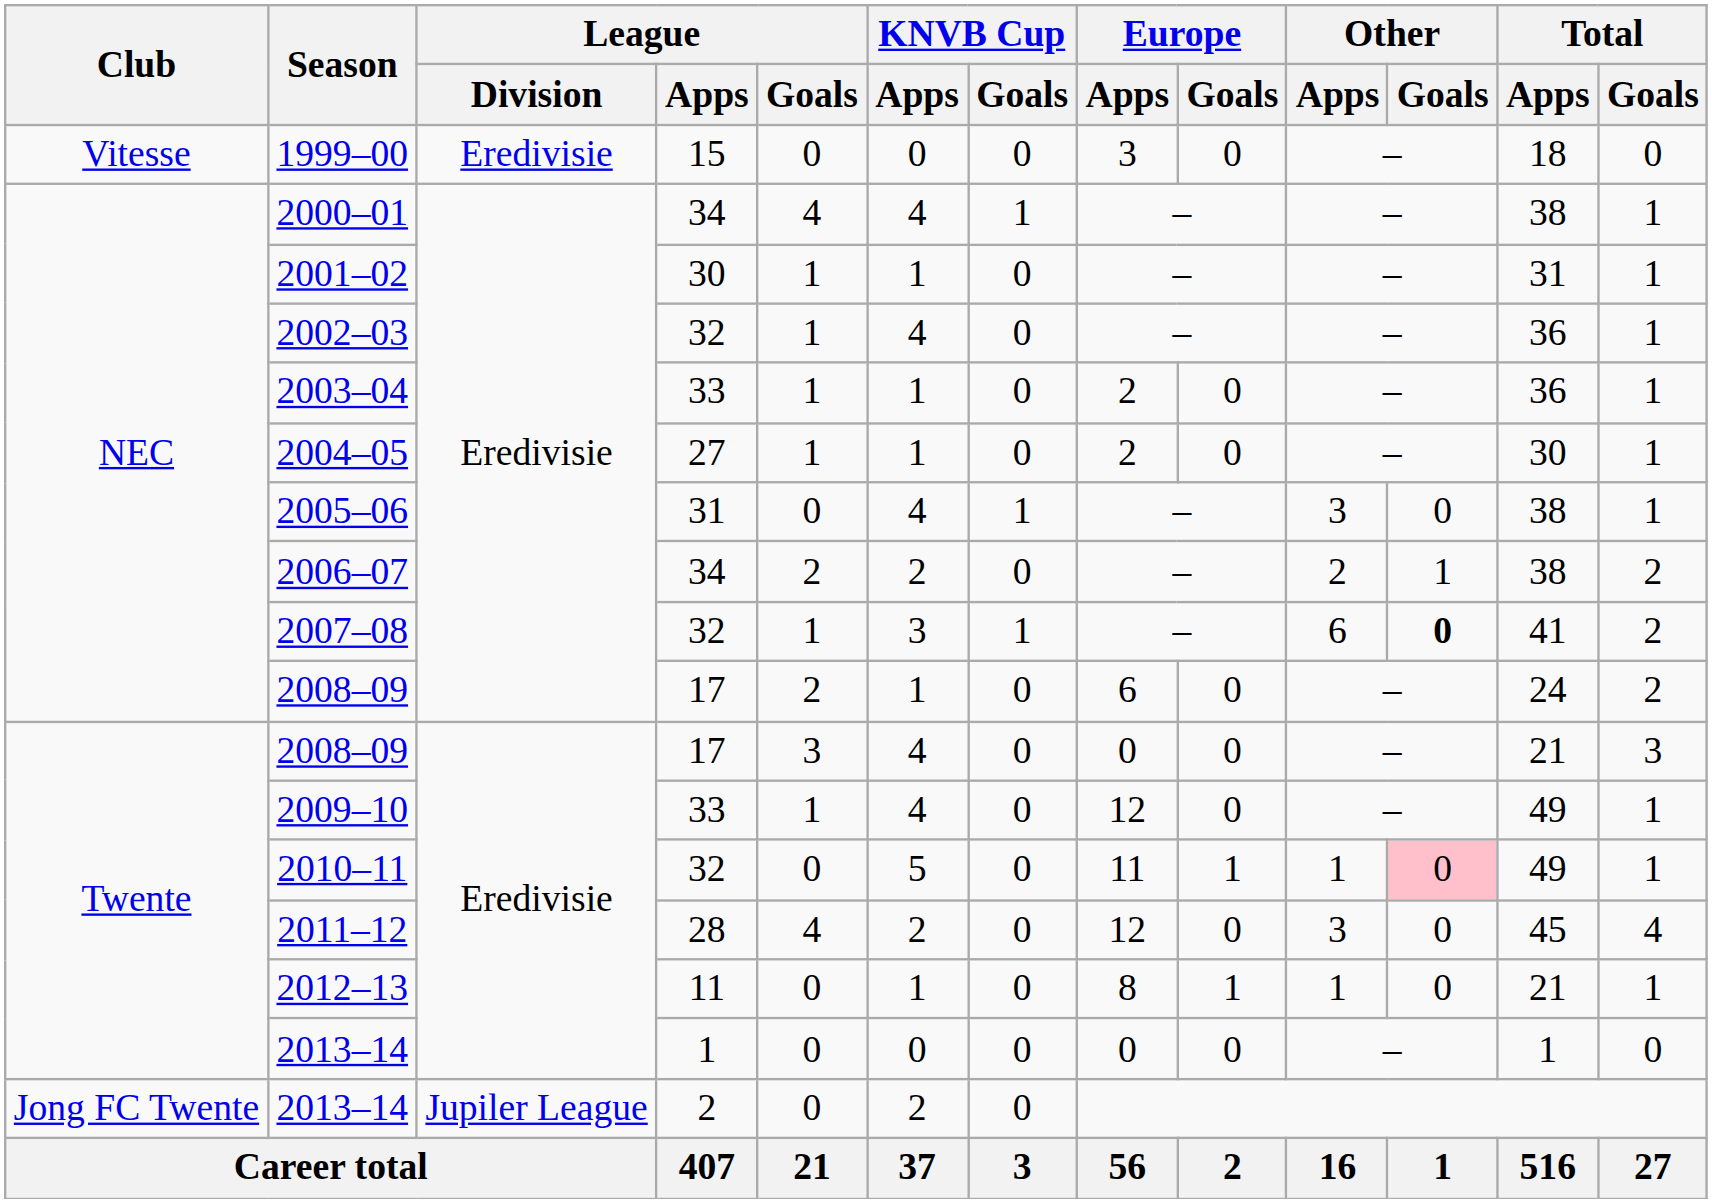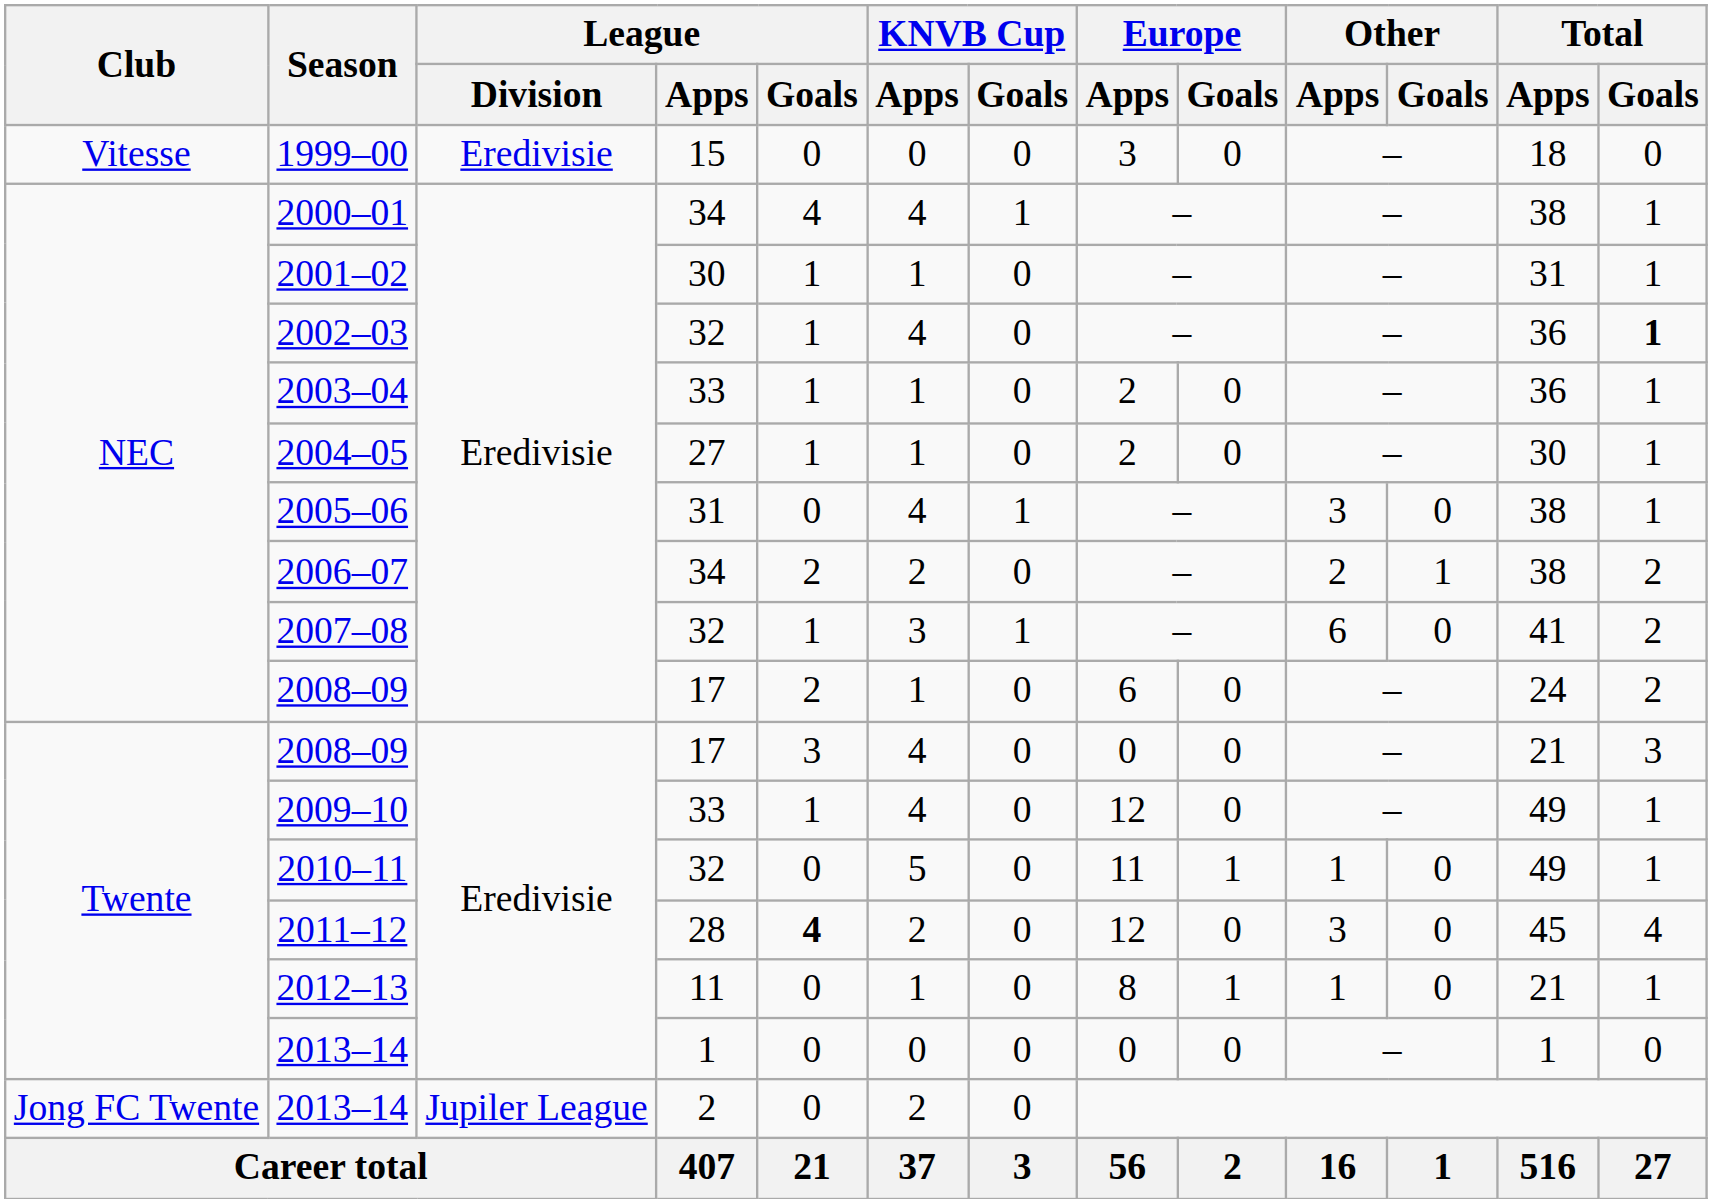 <table class="wikitable" style="text-align:center">
 <tr>
 <th rowspan="2">Club</th>
 <th rowspan="2">Season</th>
 <th colspan="3">League</th>
 <th colspan="2"><a href='#'>KNVB Cup</a></th>
 <th colspan="2"><a href='#'>Europe</a></th>
 <th colspan="2">Other</th>
 <th colspan="2">Total</th>
 </tr>
 <tr>
 <th>Division</th>
 <th>Apps</th>
 <th>Goals</th>
 <th>Apps</th>
 <th>Goals</th>
 <th>Apps</th>
 <th>Goals</th>
 <th>Apps</th>
 <th>Goals</th>
 <th>Apps</th>
 <th>Goals</th>
 </tr>
 <tr>
 <td><a href='#'>Vitesse</a></td>
 <td><a href='#'>1999–00</a></td>
 <td><a href='#'>Eredivisie</a></td>
 <td>15</td>
 <td>0</td>
 <td>0</td>
 <td>0</td>
 <td>3</td>
 <td>0</td>
 <td colspan="2">–</td>
 <td>18</td>
 <td>0</td>
 </tr>
 <tr>
 <td rowspan="9"><a href='#'>NEC</a></td>
 <td><a href='#'>2000–01</a></td>
 <td rowspan="9">Eredivisie</td>
 <td>34</td>
 <td>4</td>
 <td>4</td>
 <td>1</td>
 <td colspan="2">–</td>
 <td colspan="2">–</td>
 <td>38</td>
 <td>1</td>
 </tr>
 <tr>
 <td><a href='#'>2001–02</a></td>
 <td>30</td>
 <td>1</td>
 <td>1</td>
 <td>0</td>
 <td colspan="2">–</td>
 <td colspan="2">–</td>
 <td>31</td>
 <td>1</td>
 </tr>
 <tr>
 <td><a href='#'>2002–03</a></td>
 <td>32</td>
 <td>1</td>
 <td>4</td>
 <td>0</td>
 <td colspan="2">–</td>
 <td colspan="2">–</td>
 <td>36</td>
-<td>1</td>
+<td><strong>1</strong></td>
 </tr>
 <tr>
 <td><a href='#'>2003–04</a></td>
 <td>33</td>
 <td>1</td>
 <td>1</td>
 <td>0</td>
 <td>2</td>
 <td>0</td>
 <td colspan="2">–</td>
 <td>36</td>
 <td>1</td>
 </tr>
 <tr>
 <td><a href='#'>2004–05</a></td>
 <td>27</td>
 <td>1</td>
 <td>1</td>
 <td>0</td>
 <td>2</td>
 <td>0</td>
 <td colspan="2">–</td>
 <td>30</td>
 <td>1</td>
 </tr>
 <tr>
 <td><a href='#'>2005–06</a></td>
 <td>31</td>
 <td>0</td>
 <td>4</td>
 <td>1</td>
 <td colspan="2">–</td>
 <td>3</td>
 <td>0</td>
 <td>38</td>
 <td>1</td>
 </tr>
 <tr>
 <td><a href='#'>2006–07</a></td>
 <td>34</td>
 <td>2</td>
 <td>2</td>
 <td>0</td>
 <td colspan="2">–</td>
 <td>2</td>
 <td>1</td>
 <td>38</td>
 <td>2</td>
 </tr>
 <tr>
 <td><a href='#'>2007–08</a></td>
 <td>32</td>
 <td>1</td>
 <td>3</td>
 <td>1</td>
 <td colspan="2">–</td>
 <td>6</td>
-<td><strong>0</strong></td>
+<td>0</td>
 <td>41</td>
 <td>2</td>
 </tr>
 <tr>
 <td><a href='#'>2008–09</a></td>
 <td>17</td>
 <td>2</td>
 <td>1</td>
 <td>0</td>
 <td>6</td>
 <td>0</td>
 <td colspan="2">–</td>
 <td>24</td>
 <td>2</td>
 </tr>
 <tr>
 <td rowspan="6"><a href='#'>Twente</a></td>
 <td><a href='#'>2008–09</a></td>
 <td rowspan="6">Eredivisie</td>
 <td>17</td>
 <td>3</td>
 <td>4</td>
 <td>0</td>
 <td>0</td>
 <td>0</td>
 <td colspan="2">–</td>
 <td>21</td>
 <td>3</td>
 </tr>
 <tr>
 <td><a href='#'>2009–10</a></td>
 <td>33</td>
 <td>1</td>
 <td>4</td>
 <td>0</td>
 <td>12</td>
 <td>0</td>
 <td colspan="2">–</td>
 <td>49</td>
 <td>1</td>
 </tr>
 <tr>
 <td><a href='#'>2010–11</a></td>
 <td>32</td>
 <td>0</td>
 <td>5</td>
 <td>0</td>
 <td>11</td>
 <td>1</td>
 <td>1</td>
-<td style="background: pink;">0</td>
+<td>0</td>
 <td>49</td>
 <td>1</td>
 </tr>
 <tr>
 <td><a href='#'>2011–12</a></td>
 <td>28</td>
-<td>4</td>
+<td><strong>4</strong></td>
 <td>2</td>
 <td>0</td>
 <td>12</td>
 <td>0</td>
 <td>3</td>
 <td>0</td>
 <td>45</td>
 <td>4</td>
 </tr>
 <tr>
 <td><a href='#'>2012–13</a></td>
 <td>11</td>
 <td>0</td>
 <td>1</td>
 <td>0</td>
 <td>8</td>
 <td>1</td>
 <td>1</td>
 <td>0</td>
 <td>21</td>
 <td>1</td>
 </tr>
 <tr>
 <td><a href='#'>2013–14</a></td>
 <td>1</td>
 <td>0</td>
 <td>0</td>
 <td>0</td>
 <td>0</td>
 <td>0</td>
 <td colspan="2">–</td>
 <td>1</td>
 <td>0</td>
 </tr>
 <tr>
 <td><a href='#'>Jong FC Twente</a></td>
 <td><a href='#'>2013–14</a></td>
 <td><a href='#'>Jupiler League</a></td>
 <td>2</td>
 <td>0</td>
 <td>2</td>
 <td>0</td>
 </tr>
 <tr>
 <th colspan="3">Career total</th>
 <th>407</th>
 <th>21</th>
 <th>37</th>
 <th>3</th>
 <th>56</th>
 <th>2</th>
 <th>16</th>
 <th>1</th>
 <th>516</th>
 <th>27</th>
 </tr>
 </table>
